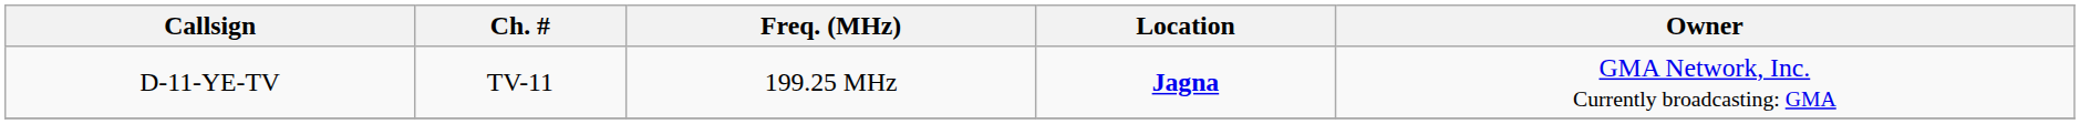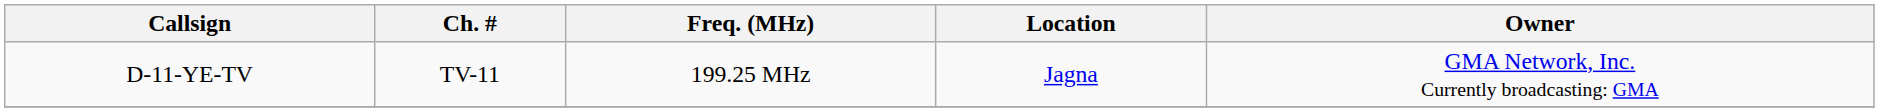 <table class="wikitable" style="width:100%; text-align:center;">
 <tr>
 <th>Callsign</th>
 <th>Ch. #</th>
 <th>Freq. (MHz)</th>
 <th>Location</th>
 <th>Owner</th>
 </tr>
 <tr>
 <td>D-11-YE-TV</td>
 <td>TV-11</td>
 <td>199.25 MHz</td>
-<td><strong><a href='#'>Jagna</a></strong></td>
+<td><a href='#'>Jagna</a></td>
 <td><a href='#'>GMA Network, Inc.</a><br><small>Currently broadcasting: <a href='#'>GMA</a></small></td>
 </tr>
 <tr>
 </tr>
 </table>
